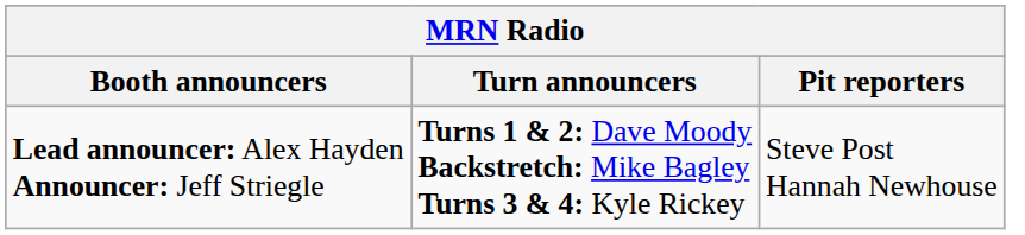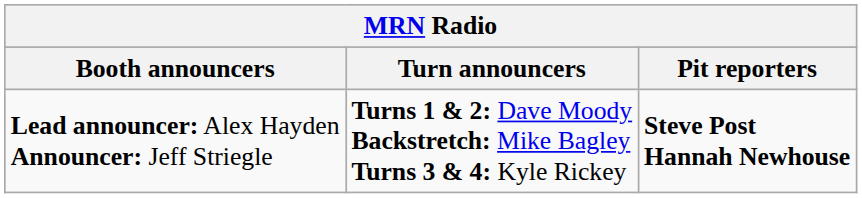 <table class="wikitable" style="font-size: 95%">
 <tr>
 <th colspan="3"><a href='#'>MRN</a> Radio</th>
 </tr>
 <tr>
 <th>Booth announcers</th>
 <th>Turn announcers</th>
 <th>Pit reporters</th>
 </tr>
 <tr>
 <td><strong>Lead announcer:</strong> Alex Hayden<br><strong>Announcer:</strong> Jeff Striegle</td>
 <td><strong>Turns 1 & 2:</strong> <a href='#'>Dave Moody</a><br><strong>Backstretch:</strong> <a href='#'>Mike Bagley</a><br><strong>Turns 3 & 4:</strong> Kyle Rickey</td>
-<td>Steve Post<br>Hannah Newhouse</td>
+<td><strong>Steve Post<br>Hannah Newhouse</strong></td>
 </tr>
 </table>
